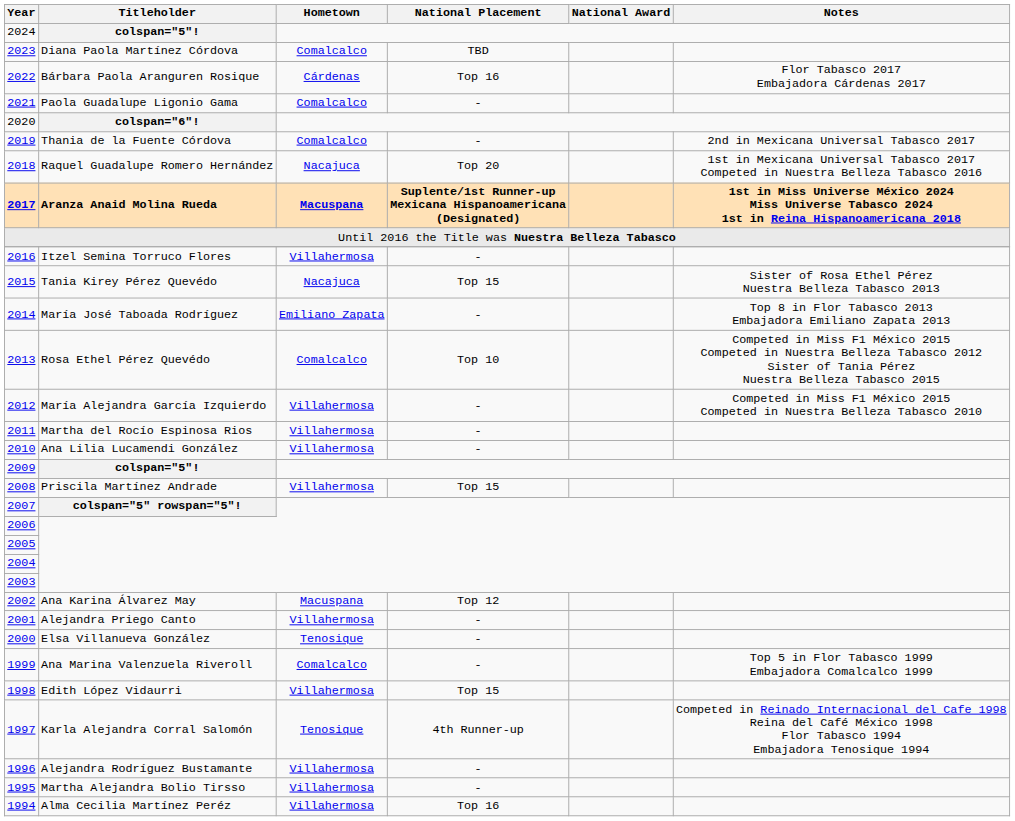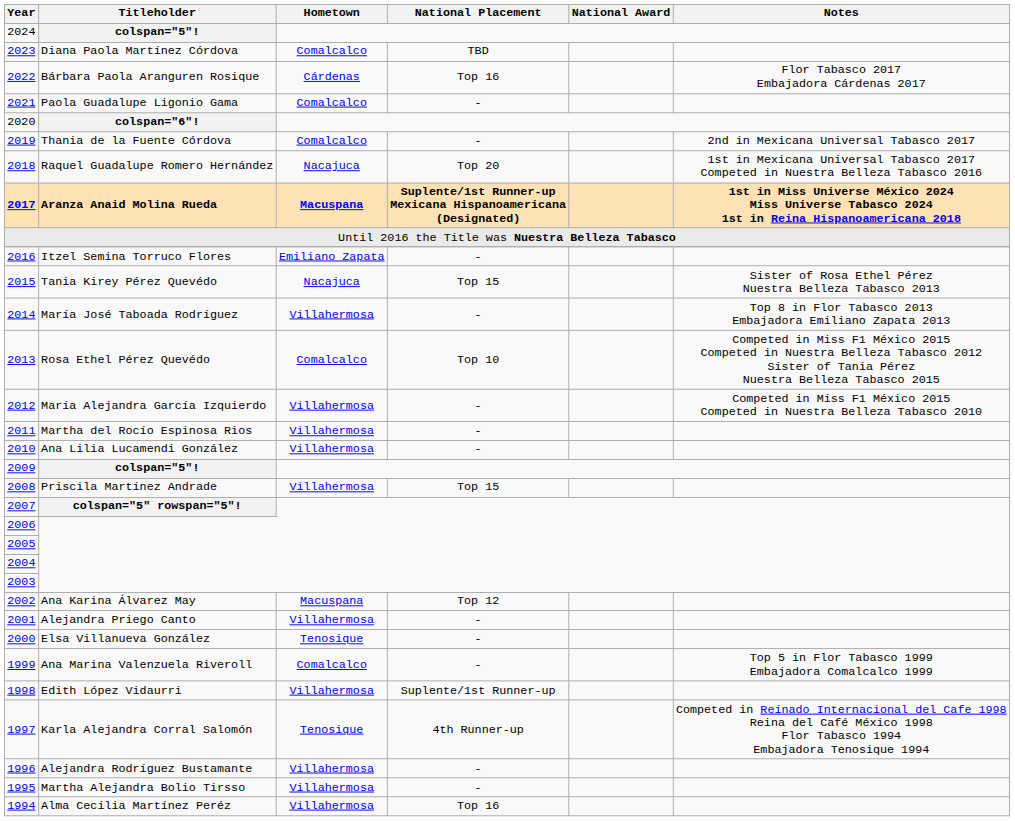 <table class="wikitable sortable" style="font-size:95%;">
 <tr>
 <th>Year</th>
 <th>Titleholder</th>
 <th>Hometown</th>
 <th>National Placement</th>
 <th>National Award</th>
 <th>Notes</th>
 </tr>
 <tr>
 <td align="center">2024</td>
 <th>colspan="5"!</th>
 </tr>
 <tr>
 <td align="center"><a href='#'>2023</a></td>
 <td>Diana Paola Martínez Córdova</td>
 <td align="center"><a href='#'>Comalcalco</a></td>
 <td align="center">TBD</td>
 <td align="center"></td>
 <td align="center"></td>
 </tr>
 <tr>
 <td align="center"><a href='#'>2022</a></td>
 <td>Bárbara Paola Aranguren Rosique</td>
 <td align="center"><a href='#'>Cárdenas</a></td>
 <td align="center">Top 16</td>
 <td align="center"></td>
 <td align="center">Flor Tabasco 2017<br>Embajadora Cárdenas 2017</td>
 </tr>
 <tr>
 <td align="center"><a href='#'>2021</a></td>
 <td>Paola Guadalupe Ligonio Gama</td>
 <td align="center"><a href='#'>Comalcalco</a></td>
 <td align="center">-</td>
 <td align="center"></td>
 <td align="center"></td>
 </tr>
 <tr>
 <td align="center">2020</td>
 <th>colspan="6"!</th>
 </tr>
 <tr>
 <td align="center"><a href='#'>2019</a></td>
 <td>Thania de la Fuente Córdova</td>
 <td align="center"><a href='#'>Comalcalco</a></td>
 <td align="center">-</td>
 <td align="center"></td>
 <td align="center">2nd in Mexicana Universal Tabasco 2017</td>
 </tr>
 <tr>
 <td align="center"><a href='#'>2018</a></td>
 <td>Raquel Guadalupe Romero Hernández</td>
 <td align="center"><a href='#'>Nacajuca</a></td>
 <td align="center">Top 20</td>
 <td align="center"></td>
 <td align="center">1st in Mexicana Universal Tabasco 2017<br>Competed in Nuestra Belleza Tabasco 2016</td>
 </tr>
 <tr bgcolor="#FFE1B6">
 <td align="center"><strong><a href='#'>2017</a></strong></td>
 <td><strong>Aranza Anaid Molina Rueda</strong></td>
 <td align="center"><strong><a href='#'>Macuspana</a></strong></td>
 <td align="center"><strong>Suplente/1st Runner-up<br>Mexicana Hispanoamericana<br>(Designated)</strong></td>
 <td align="center"></td>
 <td align="center"><strong>1st in Miss Universe México 2024<br>Miss Universe Tabasco 2024<br>1st in <a href='#'>Reina Hispanoamericana 2018</a></strong></td>
 </tr>
 <tr>
 <td colspan="7" bgcolor="#EAEAEA" style="text-align:center;">Until 2016 the Title was <strong>Nuestra Belleza Tabasco</strong></td>
 </tr>
 <tr>
 </tr>
 <tr>
 <td align="center"><a href='#'>2016</a></td>
 <td>Itzel Semina Torruco Flores</td>
-<td align="center"><a href='#'>Villahermosa</a></td>
+<td align="center"><a href='#'>Emiliano Zapata</a></td>
 <td align="center">-</td>
 <td align="center"></td>
 <td align="center"></td>
 </tr>
 <tr>
 <td align="center"><a href='#'>2015</a></td>
 <td>Tania Kirey Pérez Quevédo</td>
 <td align="center"><a href='#'>Nacajuca</a></td>
 <td align="center">Top 15</td>
 <td align="center"></td>
 <td align="center">Sister of Rosa Ethel Pérez<br>Nuestra Belleza Tabasco 2013</td>
 </tr>
 <tr>
 <td align="center"><a href='#'>2014</a></td>
 <td>María José Taboada Rodríguez</td>
-<td align="center"><a href='#'>Emiliano Zapata</a></td>
+<td align="center"><a href='#'>Villahermosa</a></td>
 <td align="center">-</td>
 <td align="center"></td>
 <td align="center">Top 8 in Flor Tabasco 2013<br>Embajadora Emiliano Zapata 2013</td>
 </tr>
 <tr>
 <td align="center"><a href='#'>2013</a></td>
 <td>Rosa Ethel Pérez Quevédo</td>
 <td align="center"><a href='#'>Comalcalco</a></td>
 <td align="center">Top 10</td>
 <td align="center"></td>
 <td align="center">Competed in Miss F1 México 2015<br>Competed in Nuestra Belleza Tabasco 2012<br>Sister of Tania Pérez<br>Nuestra Belleza Tabasco 2015</td>
 </tr>
 <tr>
 <td align="center"><a href='#'>2012</a></td>
 <td>María Alejandra García Izquierdo</td>
 <td align="center"><a href='#'>Villahermosa</a></td>
 <td align="center">-</td>
 <td align="center"></td>
 <td align="center">Competed in Miss F1 México 2015<br>Competed in Nuestra Belleza Tabasco 2010</td>
 </tr>
 <tr>
 <td align="center"><a href='#'>2011</a></td>
 <td>Martha del Rocío Espinosa Rios</td>
 <td align="center"><a href='#'>Villahermosa</a></td>
 <td align="center">-</td>
 <td align="center"></td>
 <td align="center"></td>
 </tr>
 <tr>
 <td align="center"><a href='#'>2010</a></td>
 <td>Ana Lilia Lucamendi González</td>
 <td align="center"><a href='#'>Villahermosa</a></td>
 <td align="center">-</td>
 <td align="center"></td>
 <td align="center"></td>
 </tr>
 <tr>
 <td align="center"><a href='#'>2009</a></td>
 <th>colspan="5"!</th>
 </tr>
 <tr>
 <td align="center"><a href='#'>2008</a></td>
 <td>Priscila Martínez Andrade</td>
 <td align="center"><a href='#'>Villahermosa</a></td>
 <td align="center">Top 15</td>
 <td align="center"></td>
 <td align="center"></td>
 </tr>
 <tr>
 <td align="center"><a href='#'>2007</a></td>
 <th>colspan="5" rowspan="5"!</th>
 </tr>
 <tr>
 <td align="center"><a href='#'>2006</a></td>
 </tr>
 <tr>
 <td align="center"><a href='#'>2005</a></td>
 </tr>
 <tr>
 <td align="center"><a href='#'>2004</a></td>
 </tr>
 <tr>
 <td align="center"><a href='#'>2003</a></td>
 </tr>
 <tr>
 <td align="center"><a href='#'>2002</a></td>
 <td>Ana Karina Álvarez May</td>
 <td align="center"><a href='#'>Macuspana</a></td>
 <td align="center">Top 12</td>
 <td align="center"></td>
 <td align="center"></td>
 </tr>
 <tr>
 <td align="center"><a href='#'>2001</a></td>
 <td>Alejandra Priego Canto</td>
 <td align="center"><a href='#'>Villahermosa</a></td>
 <td align="center">-</td>
 <td align="center"></td>
 </tr>
 <tr>
 <td align="center"><a href='#'>2000</a></td>
 <td>Elsa Villanueva González</td>
 <td align="center"><a href='#'>Tenosique</a></td>
 <td align="center">-</td>
 <td align="center"></td>
 <td align="center"></td>
 </tr>
 <tr>
 <td align="center"><a href='#'>1999</a></td>
 <td>Ana Marina Valenzuela Riveroll</td>
 <td align="center"><a href='#'>Comalcalco</a></td>
 <td align="center">-</td>
 <td align="center"></td>
 <td align="center">Top 5 in Flor Tabasco 1999<br>Embajadora Comalcalco 1999</td>
 </tr>
 <tr>
 <td align="center"><a href='#'>1998</a></td>
 <td>Edith López Vidaurri</td>
 <td align="center"><a href='#'>Villahermosa</a></td>
-<td align="center">Top 15</td>
+<td align="center">Suplente/1st Runner-up</td>
 <td align="center"></td>
 <td align="center"></td>
 </tr>
 <tr>
 <td align="center"><a href='#'>1997</a></td>
 <td>Karla Alejandra Corral Salomón</td>
 <td align="center"><a href='#'>Tenosique</a></td>
 <td align="center">4th Runner-up</td>
 <td align="center"></td>
 <td align="center">Competed in <a href='#'>Reinado Internacional del Cafe 1998</a><br>Reina del Café México 1998<br>Flor Tabasco 1994<br>Embajadora Tenosique 1994</td>
 </tr>
 <tr>
 <td align="center"><a href='#'>1996</a></td>
 <td>Alejandra Rodríguez Bustamante</td>
 <td align="center"><a href='#'>Villahermosa</a></td>
 <td align="center">-</td>
 <td align="center"></td>
 <td align="center"></td>
 </tr>
 <tr>
 <td align="center"><a href='#'>1995</a></td>
 <td>Martha Alejandra Bolio Tirsso</td>
 <td align="center"><a href='#'>Villahermosa</a></td>
 <td align="center">-</td>
 <td align="center"></td>
 <td align="center"></td>
 </tr>
 <tr>
 <td align="center"><a href='#'>1994</a></td>
 <td>Alma Cecilia Martínez Peréz</td>
 <td align="center"><a href='#'>Villahermosa</a></td>
 <td align="center">Top 16</td>
 <td align="center"></td>
 <td align="center"></td>
 </tr>
 </table>
